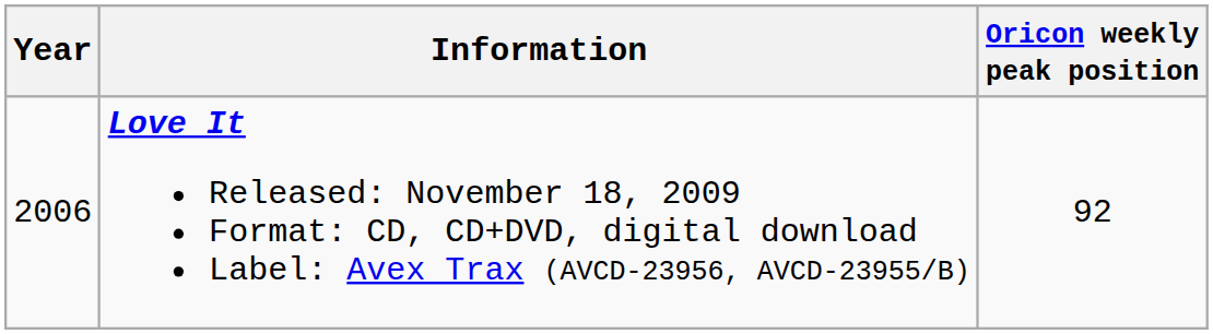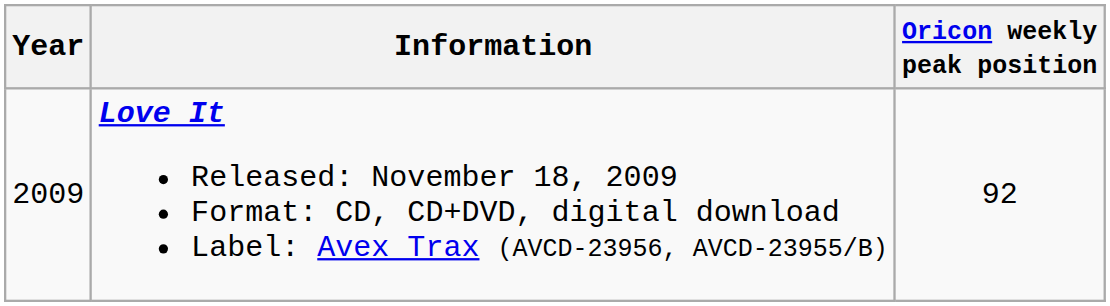 <table class="wikitable">
 <tr>
 <th>Year</th>
 <th>Information</th>
 <th><small><a href='#'>Oricon</a> weekly<br>peak position</small></th>
 </tr>
 <tr>
-<td>2006</td>
+<td>2009</td>
 <td><strong><em><a href='#'>Love It</a></em></strong><br><ul><li>Released: November 18, 2009</li><li>Format: CD, CD+DVD, digital download</li><li>Label: <a href='#'>Avex Trax</a> <small>(AVCD-23956, AVCD-23955/B)</small></li></ul></td>
 <td align="center">92</td>
 </tr>
 </table>
